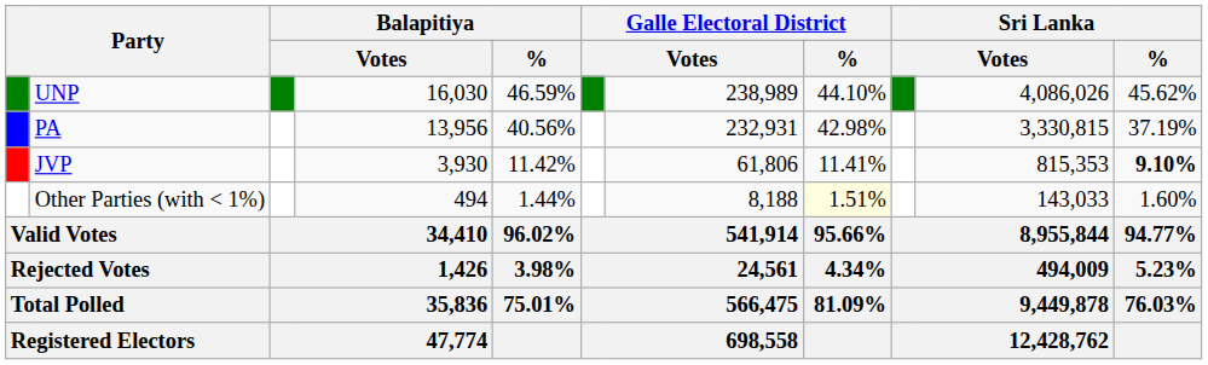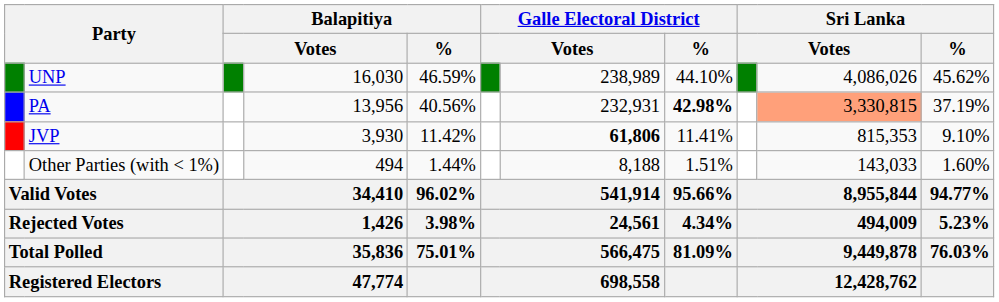 <table class="wikitable">
 <tr>
 <th colspan="2" width="144px"rowspan="2">Party</th>
 <th colspan="3" width="216px">Balapitiya</th>
 <th colspan="3" width="216px"><a href='#'>Galle Electoral District</a></th>
 <th colspan="3" width="216px">Sri Lanka</th>
 </tr>
 <tr>
 <th colspan="2" width="144px">Votes</th>
 <th>%</th>
 <th colspan="2" width="144px">Votes</th>
 <th>%</th>
 <th colspan="2" width="144px">Votes</th>
 <th>%</th>
 </tr>
 <tr>
 <td style="background-color:green;" width="10px"></td>
 <td style="text-align:left;"><a href='#'>UNP</a></td>
 <td style="background-color:green;" width="10px"></td>
 <td style="text-align:right;">16,030</td>
 <td style="text-align:right;">46.59%</td>
 <td style="background-color:green;" width="10px"></td>
 <td style="text-align:right;">238,989</td>
 <td style="text-align:right;">44.10%</td>
 <td style="background-color:green;" width="10px"></td>
 <td style="text-align:right;">4,086,026</td>
 <td style="text-align:right;">45.62%</td>
 </tr>
 <tr>
 <td style="background-color:blue;" width="10px"></td>
 <td style="text-align:left;"><a href='#'>PA</a></td>
 <td style="background-color:white;" width="10px"></td>
 <td style="text-align:right;">13,956</td>
 <td style="text-align:right;">40.56%</td>
 <td style="background-color:white;" width="10px"></td>
 <td style="text-align:right;">232,931</td>
-<td style="text-align:right;">42.98%</td>
+<td style="text-align:right;"><strong>42.98%</strong></td>
 <td style="background-color:white;" width="10px"></td>
-<td style="text-align:right;">3,330,815</td>
+<td style="background: lightsalmon; text-align:right;">3,330,815</td>
 <td style="text-align:right;">37.19%</td>
 </tr>
 <tr>
 <td style="background-color:red;" width="10px"></td>
 <td style="text-align:left;"><a href='#'>JVP</a></td>
 <td style="background-color:white;" width="10px"></td>
 <td style="text-align:right;">3,930</td>
 <td style="text-align:right;">11.42%</td>
 <td style="background-color:white;" width="10px"></td>
-<td style="text-align:right;">61,806</td>
+<td style="text-align:right;"><strong>61,806</strong></td>
 <td style="text-align:right;">11.41%</td>
 <td style="background-color:white;" width="10px"></td>
 <td style="text-align:right;">815,353</td>
-<td style="text-align:right;"><strong>9.10%</strong></td>
+<td style="text-align:right;">9.10%</td>
 </tr>
 <tr>
 <td style="background-color:white;" width="10px"></td>
 <td style="text-align:left;">Other Parties (with < 1%)</td>
 <td style="background-color:white;" width="10px"></td>
 <td style="text-align:right;">494</td>
 <td style="text-align:right;">1.44%</td>
 <td style="background-color:white;" width="10px"></td>
 <td style="text-align:right;">8,188</td>
-<td style="background: lightyellow; text-align:right;">1.51%</td>
+<td style="text-align:right;">1.51%</td>
 <td style="background-color:white;" width="10px"></td>
 <td style="text-align:right;">143,033</td>
 <td style="text-align:right;">1.60%</td>
 </tr>
 <tr>
 <th colspan="2" width="144px"style="text-align:left;">Valid Votes</th>
 <th style="text-align:right;"colspan="2" width="144px">34,410</th>
 <th style="text-align:right;">96.02%</th>
 <th style="text-align:right;"colspan="2" width="144px">541,914</th>
 <th style="text-align:right;">95.66%</th>
 <th style="text-align:right;"colspan="2" width="144px">8,955,844</th>
 <th style="text-align:right;">94.77%</th>
 </tr>
 <tr>
 <th colspan="2" width="144px"style="text-align:left;">Rejected Votes</th>
 <th style="text-align:right;"colspan="2" width="144px">1,426</th>
 <th style="text-align:right;">3.98%</th>
 <th style="text-align:right;"colspan="2" width="144px">24,561</th>
 <th style="text-align:right;">4.34%</th>
 <th style="text-align:right;"colspan="2" width="144px">494,009</th>
 <th style="text-align:right;">5.23%</th>
 </tr>
 <tr>
 <th colspan="2" width="144px"style="text-align:left;">Total Polled</th>
 <th style="text-align:right;"colspan="2" width="144px">35,836</th>
 <th style="text-align:right;">75.01%</th>
 <th style="text-align:right;"colspan="2" width="144px">566,475</th>
 <th style="text-align:right;">81.09%</th>
 <th style="text-align:right;"colspan="2" width="144px">9,449,878</th>
 <th style="text-align:right;">76.03%</th>
 </tr>
 <tr>
 <th colspan="2" width="144px"style="text-align:left;">Registered Electors</th>
 <th style="text-align:right;"colspan="2" width="144px">47,774</th>
 <th></th>
 <th style="text-align:right;"colspan="2" width="144px">698,558</th>
 <th></th>
 <th style="text-align:right;"colspan="2" width="144px">12,428,762</th>
 <th></th>
 </tr>
 </table>
